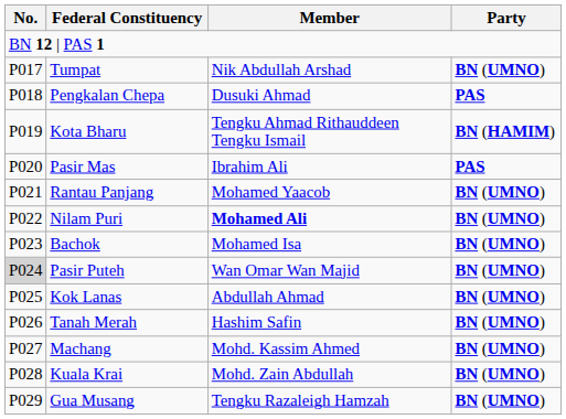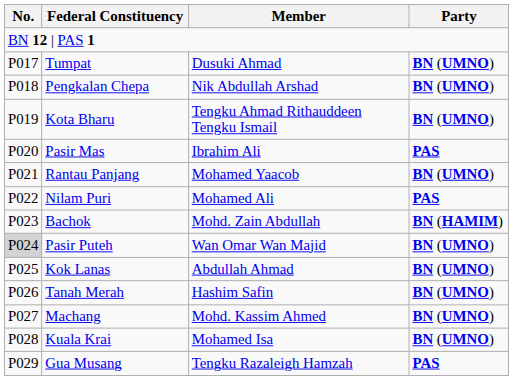 <table class="wikitable sortable">
 <tr>
 <th style="width:30px;">No.</th>
 <th style="width:150px;">Federal Constituency</th>
 <th style="width:230px;">Member</th>
 <th style="width:100px;">Party</th>
 </tr>
 <tr>
 <td colspan="4"><a href='#'>BN</a> <strong>12</strong> | <a href='#'>PAS</a> <strong>1</strong></td>
 </tr>
 <tr>
 <td>P017</td>
 <td><a href='#'>Tumpat</a></td>
-<td><a href='#'>Nik Abdullah Arshad</a></td>
+<td><a href='#'>Dusuki Ahmad</a></td>
 <td><strong><a href='#'>BN</a></strong> (<strong><a href='#'>UMNO</a></strong>)</td>
 </tr>
 <tr>
 <td>P018</td>
 <td><a href='#'>Pengkalan Chepa</a></td>
-<td><a href='#'>Dusuki Ahmad</a></td>
-<td><strong><a href='#'>PAS</a></strong></td>
+<td><a href='#'>Nik Abdullah Arshad</a></td>
+<td><strong><a href='#'>BN</a></strong> (<strong><a href='#'>UMNO</a></strong>)</td>
 </tr>
 <tr>
 <td>P019</td>
 <td><a href='#'>Kota Bharu</a></td>
 <td><a href='#'>Tengku Ahmad Rithauddeen Tengku Ismail</a></td>
-<td><strong><a href='#'>BN</a></strong> (<strong><a href='#'>HAMIM</a></strong>)</td>
+<td><strong><a href='#'>BN</a></strong> (<strong><a href='#'>UMNO</a></strong>)</td>
 </tr>
 <tr>
 <td>P020</td>
 <td><a href='#'>Pasir Mas</a></td>
 <td><a href='#'>Ibrahim Ali</a></td>
 <td><strong><a href='#'>PAS</a></strong></td>
 </tr>
 <tr>
 <td>P021</td>
 <td><a href='#'>Rantau Panjang</a></td>
 <td><a href='#'>Mohamed Yaacob</a></td>
 <td><strong><a href='#'>BN</a></strong> (<strong><a href='#'>UMNO</a></strong>)</td>
 </tr>
 <tr>
 <td>P022</td>
 <td><a href='#'>Nilam Puri</a></td>
-<td><strong><a href='#'>Mohamed Ali</a></strong></td>
-<td><strong><a href='#'>BN</a></strong> (<strong><a href='#'>UMNO</a></strong>)</td>
+<td><a href='#'>Mohamed Ali</a></td>
+<td><strong><a href='#'>PAS</a></strong></td>
 </tr>
 <tr>
 <td>P023</td>
 <td><a href='#'>Bachok</a></td>
-<td><a href='#'>Mohamed Isa</a></td>
-<td><strong><a href='#'>BN</a></strong> (<strong><a href='#'>UMNO</a></strong>)</td>
+<td><a href='#'>Mohd. Zain Abdullah</a></td>
+<td><strong><a href='#'>BN</a></strong> (<strong><a href='#'>HAMIM</a></strong>)</td>
 </tr>
 <tr>
 <td style="background: lightgrey;">P024</td>
 <td><a href='#'>Pasir Puteh</a></td>
 <td><a href='#'>Wan Omar Wan Majid</a></td>
 <td><strong><a href='#'>BN</a></strong> (<strong><a href='#'>UMNO</a></strong>)</td>
 </tr>
 <tr>
 <td>P025</td>
 <td><a href='#'>Kok Lanas</a></td>
 <td><a href='#'>Abdullah Ahmad</a></td>
 <td><strong><a href='#'>BN</a></strong> (<strong><a href='#'>UMNO</a></strong>)</td>
 </tr>
 <tr>
 <td>P026</td>
 <td><a href='#'>Tanah Merah</a></td>
 <td><a href='#'>Hashim Safin</a></td>
 <td><strong><a href='#'>BN</a></strong> (<strong><a href='#'>UMNO</a></strong>)</td>
 </tr>
 <tr>
 <td>P027</td>
 <td><a href='#'>Machang</a></td>
 <td><a href='#'>Mohd. Kassim Ahmed</a></td>
 <td><strong><a href='#'>BN</a></strong> (<strong><a href='#'>UMNO</a></strong>)</td>
 </tr>
 <tr>
 <td>P028</td>
 <td><a href='#'>Kuala Krai</a></td>
-<td><a href='#'>Mohd. Zain Abdullah</a></td>
+<td><a href='#'>Mohamed Isa</a></td>
 <td><strong><a href='#'>BN</a></strong> (<strong><a href='#'>UMNO</a></strong>)</td>
 </tr>
 <tr>
 <td>P029</td>
 <td><a href='#'>Gua Musang</a></td>
 <td><a href='#'>Tengku Razaleigh Hamzah</a></td>
-<td><strong><a href='#'>BN</a></strong> (<strong><a href='#'>UMNO</a></strong>)</td>
+<td><strong><a href='#'>PAS</a></strong></td>
 </tr>
 </table>
